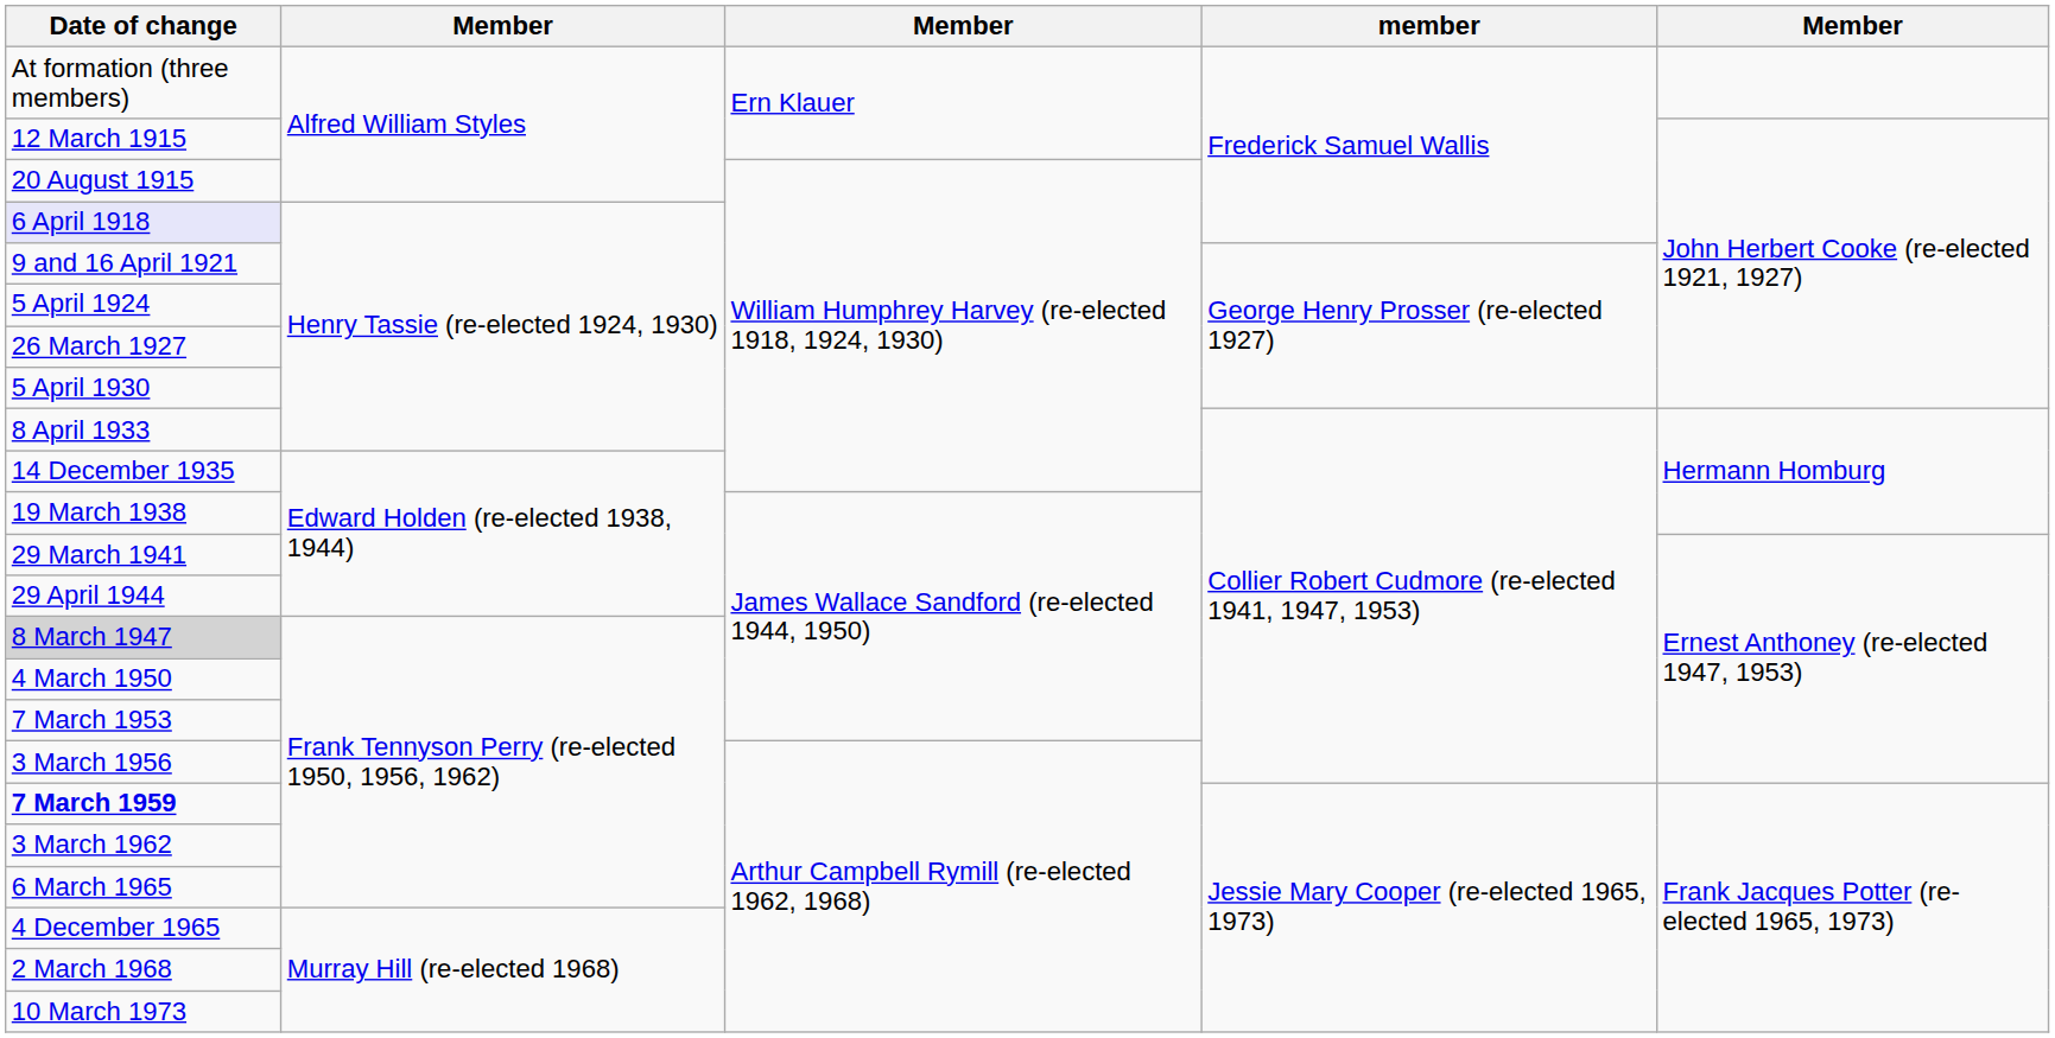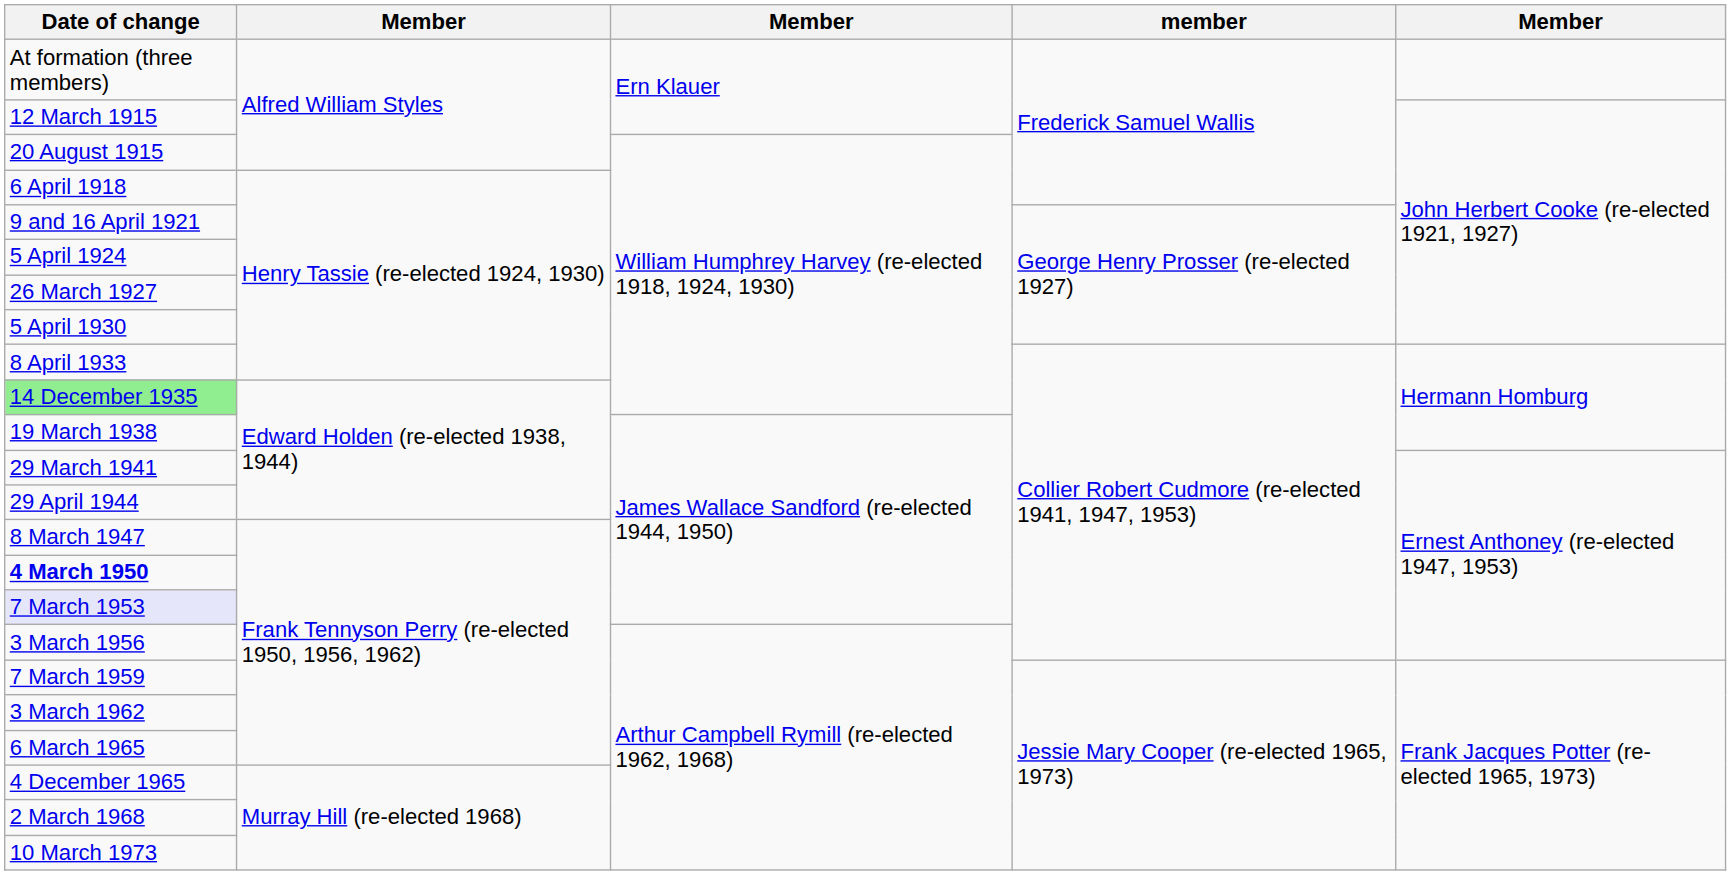 <table class="wikitable">
 <tr>
 <th>Date of change</th>
 <th>Member</th>
 <th>Member</th>
 <th>member</th>
 <th>Member</th>
 </tr>
 <tr>
 <td>At formation (three members)</td>
 <td rowspan=3><a href='#'>Alfred William Styles</a></td>
 <td rowspan=2><a href='#'>Ern Klauer</a></td>
 <td rowspan=4><a href='#'>Frederick Samuel Wallis</a></td>
 </tr>
 <tr>
 <td><a href='#'>12 March 1915</a></td>
 <td rowspan=7><a href='#'>John Herbert Cooke</a> (re-elected 1921, 1927)</td>
 </tr>
 <tr>
 <td><a href='#'>20 August 1915</a></td>
 <td rowspan=8><a href='#'>William Humphrey Harvey</a> (re-elected 1918, 1924, 1930)</td>
 </tr>
 <tr>
-<td style="background: lavender;"><a href='#'>6 April 1918</a></td>
+<td><a href='#'>6 April 1918</a></td>
 <td rowspan=6><a href='#'>Henry Tassie</a> (re-elected 1924, 1930)</td>
 </tr>
 <tr>
 <td><a href='#'>9 and 16 April 1921</a></td>
 <td rowspan=4><a href='#'>George Henry Prosser</a> (re-elected 1927)</td>
 </tr>
 <tr>
 <td><a href='#'>5 April 1924</a></td>
 </tr>
 <tr>
 <td><a href='#'>26 March 1927</a></td>
 </tr>
 <tr>
 <td><a href='#'>5 April 1930</a></td>
 </tr>
 <tr>
 <td><a href='#'>8 April 1933</a></td>
 <td rowspan=9><a href='#'>Collier Robert Cudmore</a> (re-elected 1941, 1947, 1953)</td>
 <td rowspan=3><a href='#'>Hermann Homburg</a></td>
 </tr>
 <tr>
-<td><a href='#'>14 December 1935</a></td>
+<td style="background: lightgreen;"><a href='#'>14 December 1935</a></td>
 <td rowspan=4><a href='#'>Edward Holden</a> (re-elected 1938, 1944)</td>
 </tr>
 <tr>
 <td><a href='#'>19 March 1938</a></td>
 <td rowspan=6><a href='#'>James Wallace Sandford</a> (re-elected 1944, 1950)</td>
 </tr>
 <tr>
 <td><a href='#'>29 March 1941</a></td>
 <td rowspan=6><a href='#'>Ernest Anthoney</a> (re-elected 1947, 1953)</td>
 </tr>
 <tr>
 <td><a href='#'>29 April 1944</a></td>
 </tr>
 <tr>
-<td style="background: lightgrey;"><a href='#'>8 March 1947</a></td>
+<td><a href='#'>8 March 1947</a></td>
 <td rowspan=7><a href='#'>Frank Tennyson Perry</a> (re-elected 1950, 1956, 1962)</td>
 </tr>
 <tr>
-<td><a href='#'>4 March 1950</a></td>
+<td><strong><a href='#'>4 March 1950</a></strong></td>
 </tr>
 <tr>
-<td><a href='#'>7 March 1953</a></td>
+<td style="background: lavender;"><a href='#'>7 March 1953</a></td>
 </tr>
 <tr>
 <td><a href='#'>3 March 1956</a></td>
 <td rowspan=7><a href='#'>Arthur Campbell Rymill</a> (re-elected 1962, 1968)</td>
 </tr>
 <tr>
-<td><strong><a href='#'>7 March 1959</a></strong></td>
+<td><a href='#'>7 March 1959</a></td>
 <td rowspan=6><a href='#'>Jessie Mary Cooper</a> (re-elected 1965, 1973)</td>
 <td rowspan=6><a href='#'>Frank Jacques Potter</a> (re-elected 1965, 1973)</td>
 </tr>
 <tr>
 <td><a href='#'>3 March 1962</a></td>
 </tr>
 <tr>
 <td><a href='#'>6 March 1965</a></td>
 </tr>
 <tr>
 <td><a href='#'>4 December 1965</a></td>
 <td rowspan=3><a href='#'>Murray Hill</a> (re-elected 1968)</td>
 </tr>
 <tr>
 <td><a href='#'>2 March 1968</a></td>
 </tr>
 <tr>
 <td><a href='#'>10 March 1973</a></td>
 </tr>
 </table>
